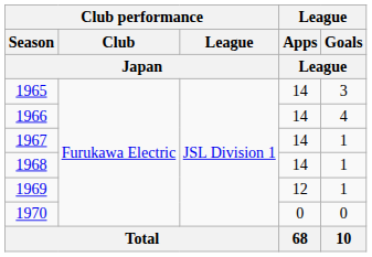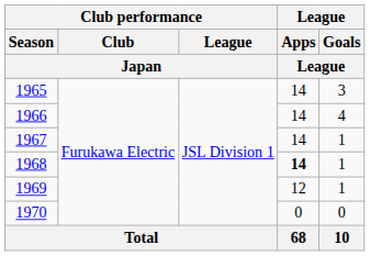 <table class="wikitable" style="text-align:center;">
 <tr>
 <th colspan=3>Club performance</th>
 <th colspan=2>League</th>
 </tr>
 <tr>
 <th>Season</th>
 <th>Club</th>
 <th>League</th>
 <th>Apps</th>
 <th>Goals</th>
 </tr>
 <tr>
 <th colspan=3>Japan</th>
 <th colspan=2>League</th>
 </tr>
 <tr>
 <td><a href='#'>1965</a></td>
 <td rowspan="6"><a href='#'>Furukawa Electric</a></td>
 <td rowspan="6"><a href='#'>JSL Division 1</a></td>
 <td>14</td>
 <td>3</td>
 </tr>
 <tr>
 <td><a href='#'>1966</a></td>
 <td>14</td>
 <td>4</td>
 </tr>
 <tr>
 <td><a href='#'>1967</a></td>
 <td>14</td>
 <td>1</td>
 </tr>
 <tr>
 <td><a href='#'>1968</a></td>
-<td>14</td>
+<td><strong>14</strong></td>
 <td>1</td>
 </tr>
 <tr>
 <td><a href='#'>1969</a></td>
 <td>12</td>
 <td>1</td>
 </tr>
 <tr>
 <td><a href='#'>1970</a></td>
 <td>0</td>
 <td>0</td>
 </tr>
 <tr>
 <th colspan=3>Total</th>
 <th>68</th>
 <th>10</th>
 </tr>
 </table>
